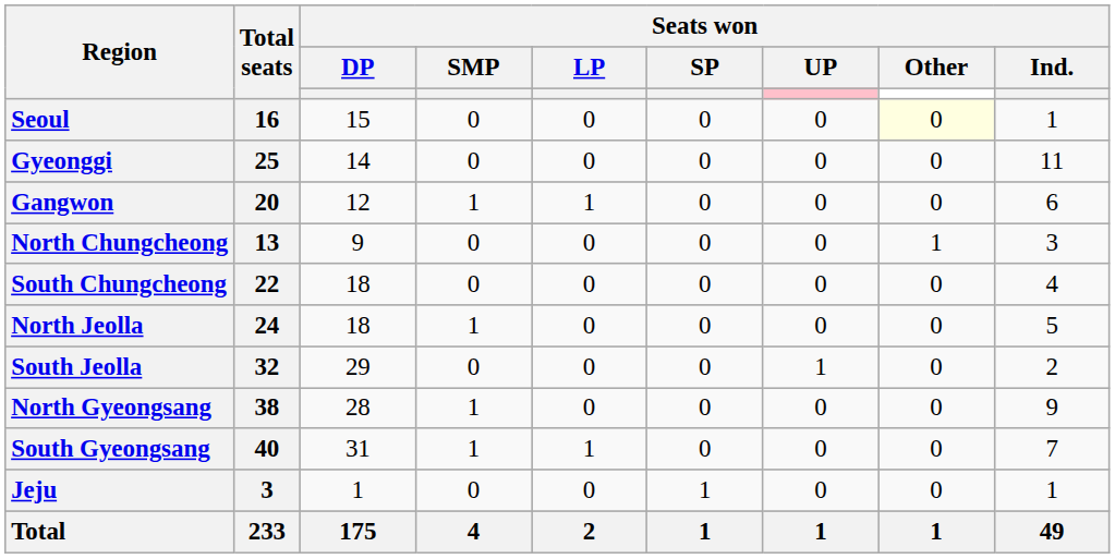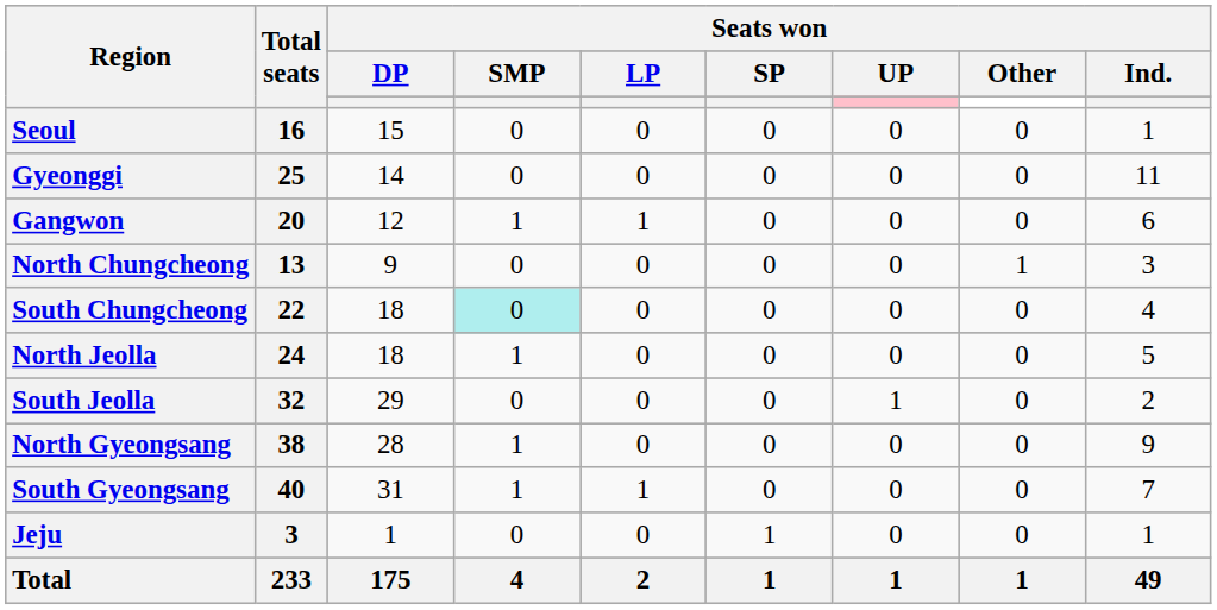 <table class="wikitable" style="text-align:center; font-size: 0.9em">
 <tr>
 <th rowspan="3">Region</th>
 <th rowspan="3">Total<br>seats</th>
 <th colspan="7">Seats won</th>
 </tr>
 <tr>
 <th class="unsortable" style="width:60px"><a href='#'>DP</a></th>
 <th class="unsortable" style="width:60px">SMP</th>
 <th class="unsortable" style="width:60px"><a href='#'>LP</a></th>
 <th class="unsortable" style="width:60px">SP</th>
 <th class="unsortable" style="width:60px">UP</th>
 <th class="unsortable" style="width:60px">Other</th>
 <th class="unsortable" style="width:60px">Ind.</th>
 </tr>
 <tr>
 <th style="background:"></th>
 <th style="background:"></th>
 <th style="background:"></th>
 <th style="background:"></th>
 <th style="background:pink"></th>
 <th style="background:white"></th>
 <th style="background:"></th>
 </tr>
 <tr>
 <th style="text-align: left"><a href='#'>Seoul</a></th>
 <th>16</th>
 <td>15</td>
 <td>0</td>
 <td>0</td>
 <td>0</td>
 <td>0</td>
-<td style="background: lightyellow;">0</td>
+<td>0</td>
 <td>1</td>
 </tr>
 <tr>
 <th style="text-align: left"><a href='#'>Gyeonggi</a></th>
 <th>25</th>
 <td>14</td>
 <td>0</td>
 <td>0</td>
 <td>0</td>
 <td>0</td>
 <td>0</td>
 <td>11</td>
 </tr>
 <tr>
 <th style="text-align: left"><a href='#'>Gangwon</a></th>
 <th>20</th>
 <td>12</td>
 <td>1</td>
 <td>1</td>
 <td>0</td>
 <td>0</td>
 <td>0</td>
 <td>6</td>
 </tr>
 <tr>
 <th style="text-align: left"><a href='#'>North Chungcheong</a></th>
 <th>13</th>
 <td>9</td>
 <td>0</td>
 <td>0</td>
 <td>0</td>
 <td>0</td>
 <td>1</td>
 <td>3</td>
 </tr>
 <tr>
 <th style="text-align: left"><a href='#'>South Chungcheong</a></th>
 <th>22</th>
 <td>18</td>
-<td>0</td>
+<td style="background: paleturquoise;">0</td>
 <td>0</td>
 <td>0</td>
 <td>0</td>
 <td>0</td>
 <td>4</td>
 </tr>
 <tr>
 <th style="text-align: left"><a href='#'>North Jeolla</a></th>
 <th>24</th>
 <td>18</td>
 <td>1</td>
 <td>0</td>
 <td>0</td>
 <td>0</td>
 <td>0</td>
 <td>5</td>
 </tr>
 <tr>
 <th style="text-align: left"><a href='#'>South Jeolla</a></th>
 <th>32</th>
 <td>29</td>
 <td>0</td>
 <td>0</td>
 <td>0</td>
 <td>1</td>
 <td>0</td>
 <td>2</td>
 </tr>
 <tr>
 <th style="text-align: left"><a href='#'>North Gyeongsang</a></th>
 <th>38</th>
 <td>28</td>
 <td>1</td>
 <td>0</td>
 <td>0</td>
 <td>0</td>
 <td>0</td>
 <td>9</td>
 </tr>
 <tr>
 <th style="text-align: left"><a href='#'>South Gyeongsang</a></th>
 <th>40</th>
 <td>31</td>
 <td>1</td>
 <td>1</td>
 <td>0</td>
 <td>0</td>
 <td>0</td>
 <td>7</td>
 </tr>
 <tr>
 <th style="text-align: left"><a href='#'>Jeju</a></th>
 <th>3</th>
 <td>1</td>
 <td>0</td>
 <td>0</td>
 <td>1</td>
 <td>0</td>
 <td>0</td>
 <td>1</td>
 </tr>
 <tr class="sortbottom">
 <th style="text-align: left">Total</th>
 <th>233</th>
 <th>175</th>
 <th>4</th>
 <th>2</th>
 <th>1</th>
 <th>1</th>
 <th>1</th>
 <th>49</th>
 </tr>
 </table>
